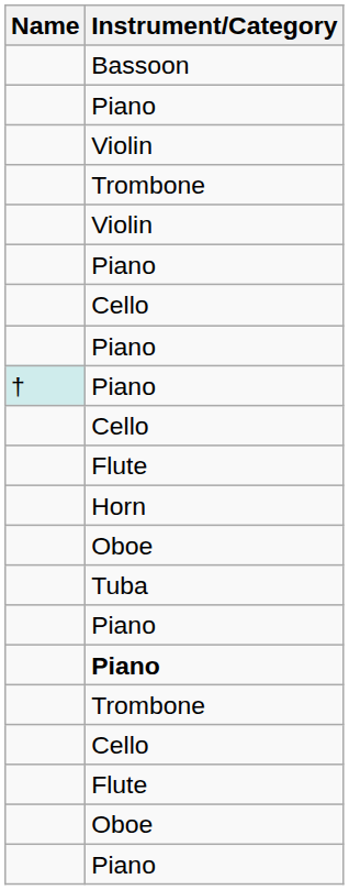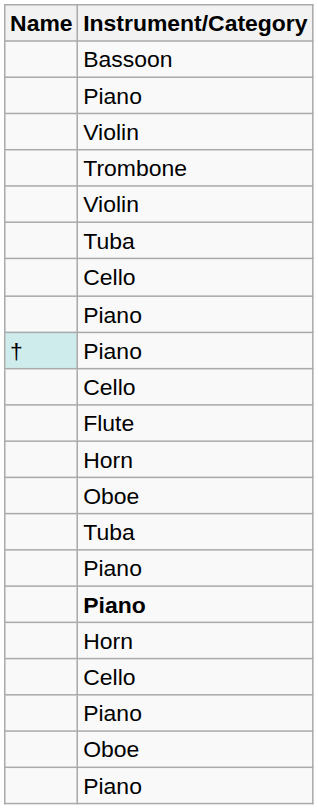 <table class="wikitable sortable" style="font-size: 95%">
 <tr>
 <th>Name</th>
 <th>Instrument/Category</th>
 </tr>
 <tr>
 <td><strong></strong></td>
 <td>Bassoon</td>
 </tr>
 <tr>
 <td><strong></strong></td>
 <td>Piano</td>
 </tr>
 <tr>
 <td></td>
 <td>Violin</td>
 </tr>
 <tr>
 <td></td>
 <td>Trombone</td>
 </tr>
 <tr>
 <td></td>
 <td>Violin</td>
 </tr>
 <tr>
 <td></td>
-<td>Piano</td>
+<td>Tuba</td>
 </tr>
 <tr>
 <td></td>
 <td>Cello</td>
 </tr>
 <tr>
 <td></td>
 <td>Piano</td>
 </tr>
 <tr>
 <td bgcolor="#CFECEC"><strong></strong>†</td>
 <td>Piano</td>
 </tr>
 <tr>
 <td></td>
 <td>Cello</td>
 </tr>
 <tr>
 <td></td>
 <td>Flute</td>
 </tr>
 <tr>
 <td></td>
 <td>Horn</td>
 </tr>
 <tr>
 <td></td>
 <td>Oboe</td>
 </tr>
 <tr>
 <td><strong></strong></td>
 <td>Tuba</td>
 </tr>
 <tr>
 <td></td>
 <td>Piano</td>
 </tr>
 <tr>
 <td></td>
 <td><strong>Piano</strong></td>
 </tr>
 <tr>
 <td></td>
-<td>Trombone</td>
+<td>Horn</td>
 </tr>
 <tr>
 <td></td>
 <td>Cello</td>
 </tr>
 <tr>
 <td></td>
-<td>Flute</td>
+<td>Piano</td>
 </tr>
 <tr>
 <td></td>
 <td>Oboe</td>
 </tr>
 <tr>
 <td></td>
 <td>Piano</td>
 </tr>
 </table>
